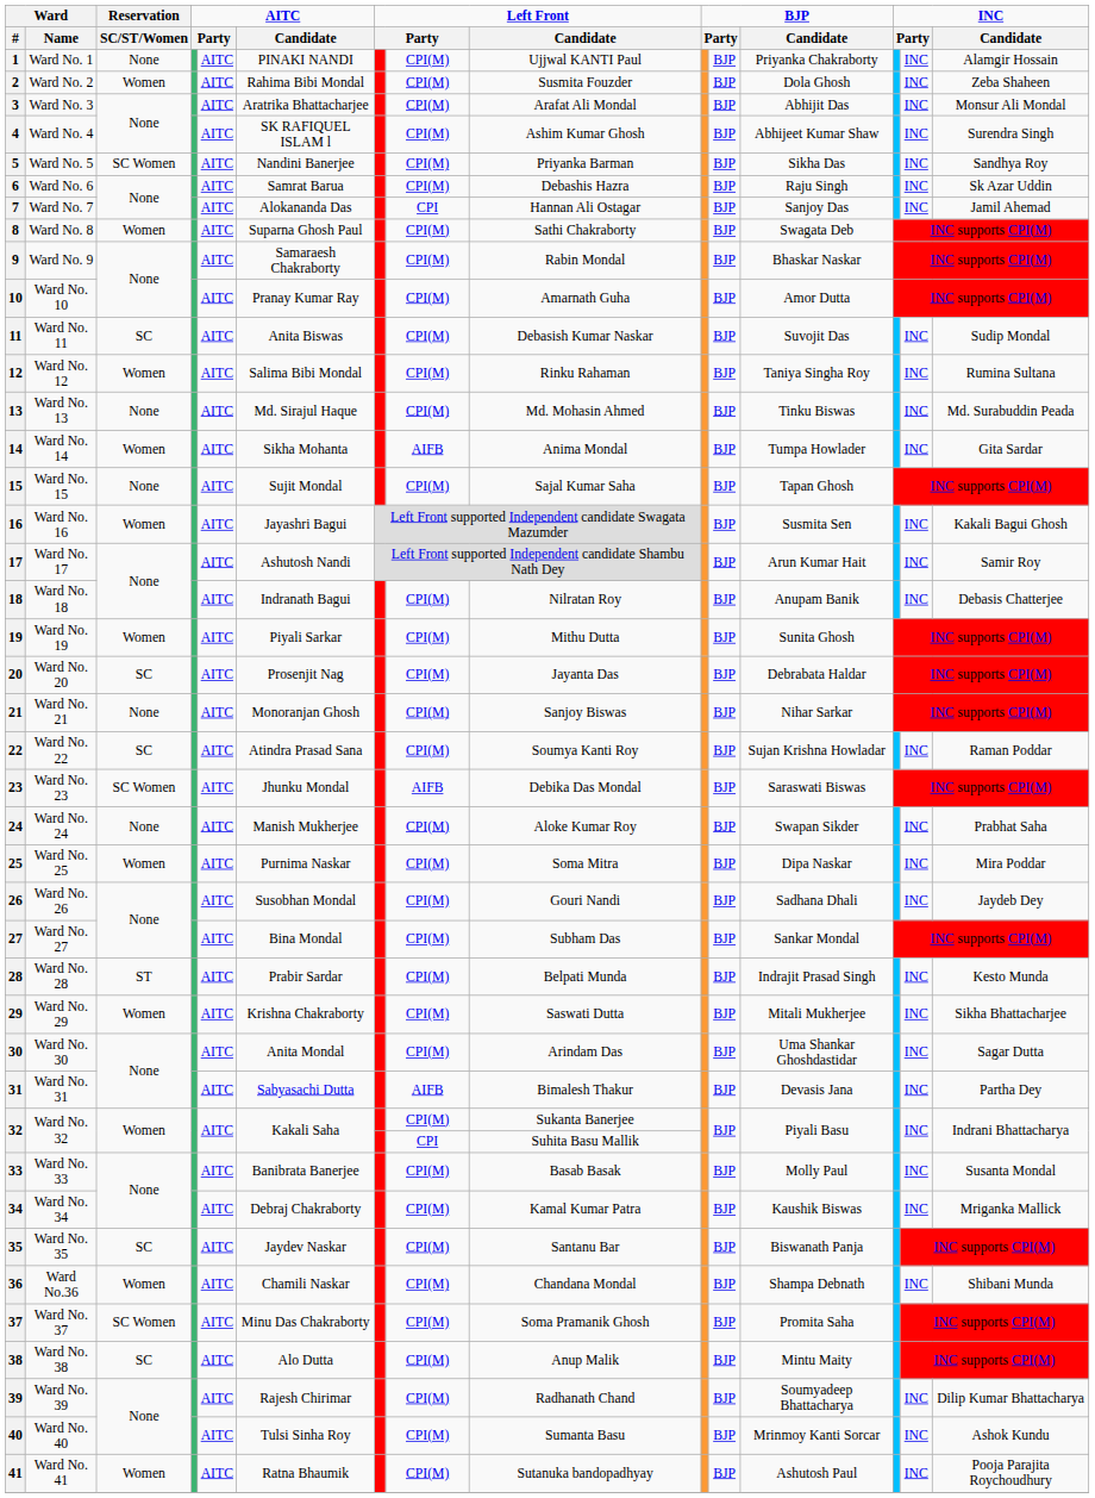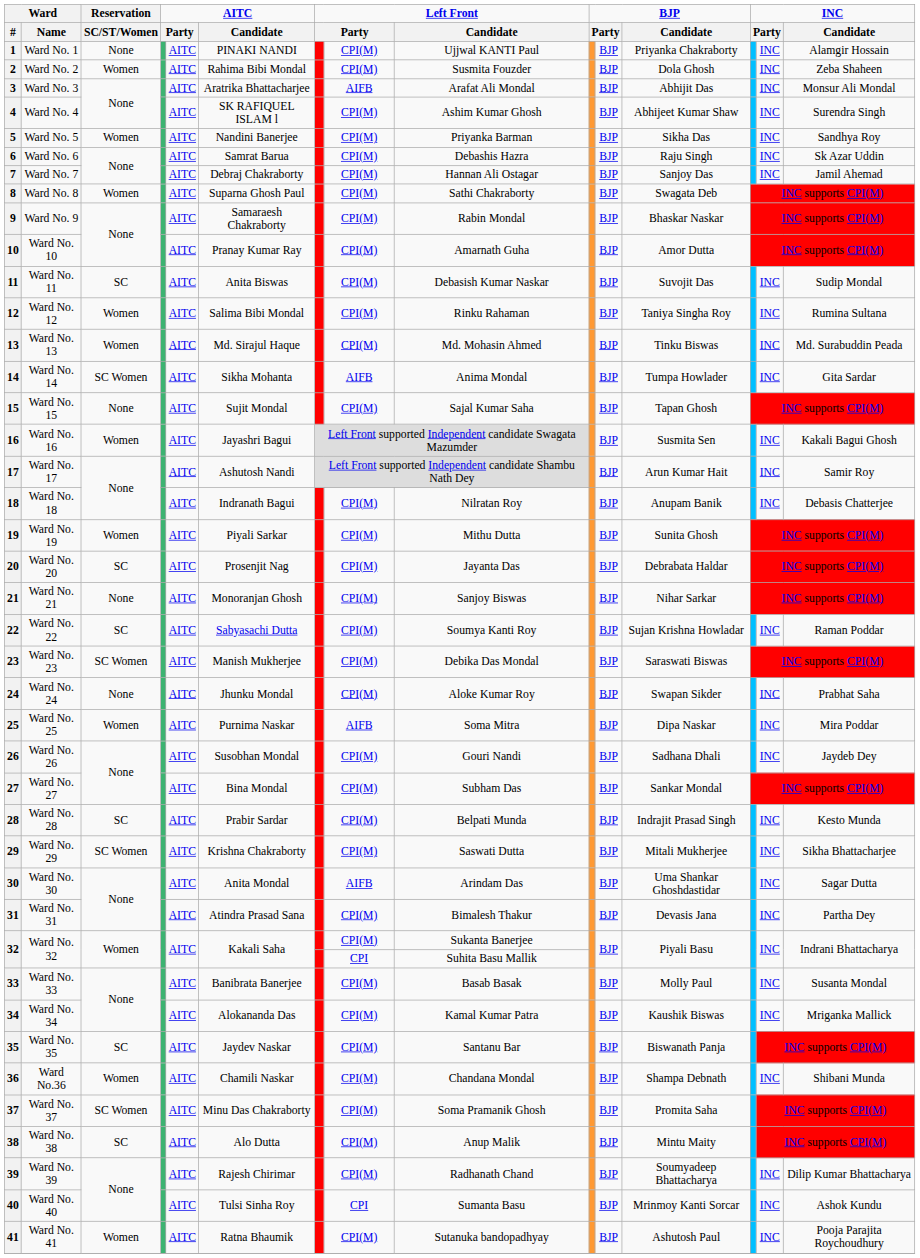 <table class="wikitable sortable" style="text-align:center;">
 <tr>
 <th colspan="2">Ward</th>
 <th colspan="1">Reservation</th>
 <td colspan="3"><a href='#'><span><strong>AITC</strong></span></a></td>
 <td colspan="3" bgcolor=><a href='#'><span><strong>Left Front</strong></span></a></td>
 <td colspan="3"><a href='#'><span><strong>BJP</strong></span></a></td>
 <td colspan="3" bgcolor=><a href='#'><span><strong>INC</strong></span></a></td>
 </tr>
 <tr>
 <th>#</th>
 <th>Name</th>
 <th>SC/ST/Women</th>
 <th colspan="2">Party</th>
 <th>Candidate</th>
 <th colspan="2">Party</th>
 <th>Candidate</th>
 <th colspan="2">Party</th>
 <th>Candidate</th>
 <th colspan="2">Party</th>
 <th>Candidate</th>
 </tr>
 <tr>
 <th>1</th>
 <td>Ward No. 1</td>
 <td>None</td>
 <td bgcolor=#3CB371></td>
 <td><a href='#'>AITC</a></td>
 <td>PINAKI NANDI</td>
 <td bgcolor=#FF0000></td>
 <td><a href='#'>CPI(M)</a></td>
 <td>Ujjwal KANTI Paul</td>
 <td bgcolor=#FF9933></td>
 <td><a href='#'>BJP</a></td>
 <td>Priyanka Chakraborty</td>
 <td bgcolor=#00BFFF></td>
 <td><a href='#'>INC</a></td>
 <td>Alamgir Hossain</td>
 </tr>
 <tr>
 <th>2</th>
 <td>Ward No. 2</td>
 <td>Women</td>
 <td bgcolor=#3CB371></td>
 <td><a href='#'>AITC</a></td>
 <td>Rahima Bibi Mondal</td>
 <td bgcolor=#FF0000></td>
 <td><a href='#'>CPI(M)</a></td>
 <td>Susmita Fouzder</td>
 <td bgcolor=#FF9933></td>
 <td><a href='#'>BJP</a></td>
 <td>Dola Ghosh</td>
 <td bgcolor=#00BFFF></td>
 <td><a href='#'>INC</a></td>
 <td>Zeba Shaheen</td>
 </tr>
 <tr>
 <th>3</th>
 <td>Ward No. 3</td>
 <td rowspan="2">None</td>
 <td bgcolor=#3CB371></td>
 <td><a href='#'>AITC</a></td>
 <td>Aratrika Bhattacharjee</td>
 <td bgcolor=#FF0000></td>
-<td><a href='#'>CPI(M)</a></td>
+<td><a href='#'>AIFB</a></td>
 <td>Arafat Ali Mondal</td>
 <td bgcolor=#FF9933></td>
 <td><a href='#'>BJP</a></td>
 <td>Abhijit Das</td>
 <td bgcolor=#00BFFF></td>
 <td><a href='#'>INC</a></td>
 <td>Monsur Ali Mondal</td>
 </tr>
 <tr>
 <th>4</th>
 <td>Ward No. 4</td>
 <td bgcolor=#3CB371></td>
 <td><a href='#'>AITC</a></td>
 <td>SK RAFIQUEL ISLAM    l</td>
 <td bgcolor=#FF0000></td>
 <td><a href='#'>CPI(M)</a></td>
 <td>Ashim Kumar Ghosh</td>
 <td bgcolor=#FF9933></td>
 <td><a href='#'>BJP</a></td>
 <td>Abhijeet Kumar Shaw</td>
 <td bgcolor=#00BFFF></td>
 <td><a href='#'>INC</a></td>
 <td>Surendra Singh</td>
 </tr>
 <tr>
 <th>5</th>
 <td>Ward No. 5</td>
-<td>SC Women</td>
+<td>Women</td>
 <td bgcolor=#3CB371></td>
 <td><a href='#'>AITC</a></td>
 <td>Nandini Banerjee</td>
 <td bgcolor=#FF0000></td>
 <td><a href='#'>CPI(M)</a></td>
 <td>Priyanka Barman</td>
 <td bgcolor=#FF9933></td>
 <td><a href='#'>BJP</a></td>
 <td>Sikha Das</td>
 <td bgcolor=#00BFFF></td>
 <td><a href='#'>INC</a></td>
 <td>Sandhya Roy</td>
 </tr>
 <tr>
 <th>6</th>
 <td>Ward No. 6</td>
 <td rowspan="2">None</td>
 <td bgcolor=#3CB371></td>
 <td><a href='#'>AITC</a></td>
 <td>Samrat Barua</td>
 <td bgcolor=#FF0000></td>
 <td><a href='#'>CPI(M)</a></td>
 <td>Debashis Hazra</td>
 <td bgcolor=#FF9933></td>
 <td><a href='#'>BJP</a></td>
 <td>Raju Singh</td>
 <td bgcolor=#00BFFF></td>
 <td><a href='#'>INC</a></td>
 <td>Sk Azar Uddin</td>
 </tr>
 <tr>
 <th>7</th>
 <td>Ward No. 7</td>
 <td bgcolor=#3CB371></td>
 <td><a href='#'>AITC</a></td>
-<td>Alokananda Das</td>
+<td>Debraj Chakraborty</td>
 <td bgcolor=#FF0000></td>
-<td><a href='#'>CPI</a></td>
+<td><a href='#'>CPI(M)</a></td>
 <td>Hannan Ali Ostagar</td>
 <td bgcolor=#FF9933></td>
 <td><a href='#'>BJP</a></td>
 <td>Sanjoy Das</td>
 <td bgcolor=#00BFFF></td>
 <td><a href='#'>INC</a></td>
 <td>Jamil Ahemad</td>
 </tr>
 <tr>
 <th>8</th>
 <td>Ward No. 8</td>
 <td>Women</td>
 <td bgcolor=#3CB371></td>
 <td><a href='#'>AITC</a></td>
 <td>Suparna Ghosh Paul</td>
 <td bgcolor=#FF0000></td>
 <td><a href='#'>CPI(M)</a></td>
 <td>Sathi Chakraborty</td>
 <td bgcolor=#FF9933></td>
 <td><a href='#'>BJP</a></td>
 <td>Swagata Deb</td>
 <td colspan="3" style="background:#f00;"><a href='#'>INC</a> supports <a href='#'>CPI(M)</a></td>
 </tr>
 <tr>
 <th>9</th>
 <td>Ward No. 9</td>
 <td rowspan="2">None</td>
 <td bgcolor=#3CB371></td>
 <td><a href='#'>AITC</a></td>
 <td>Samaraesh Chakraborty</td>
 <td bgcolor=#FF0000></td>
 <td><a href='#'>CPI(M)</a></td>
 <td>Rabin Mondal</td>
 <td bgcolor=#FF9933></td>
 <td><a href='#'>BJP</a></td>
 <td>Bhaskar Naskar</td>
 <td colspan="3" style="background:#f00;"><a href='#'>INC</a> supports <a href='#'>CPI(M)</a></td>
 </tr>
 <tr>
 <th>10</th>
 <td>Ward No. 10</td>
 <td bgcolor=#3CB371></td>
 <td><a href='#'>AITC</a></td>
 <td>Pranay Kumar Ray</td>
 <td bgcolor=#FF0000></td>
 <td><a href='#'>CPI(M)</a></td>
 <td>Amarnath Guha</td>
 <td bgcolor=#FF9933></td>
 <td><a href='#'>BJP</a></td>
 <td>Amor Dutta</td>
 <td colspan="3" style="background:#f00;"><a href='#'>INC</a> supports <a href='#'>CPI(M)</a></td>
 </tr>
 <tr>
 <th>11</th>
 <td>Ward No. 11</td>
 <td>SC</td>
 <td bgcolor=#3CB371></td>
 <td><a href='#'>AITC</a></td>
 <td>Anita Biswas</td>
 <td bgcolor=#FF0000></td>
 <td><a href='#'>CPI(M)</a></td>
 <td>Debasish Kumar Naskar</td>
 <td bgcolor=#FF9933></td>
 <td><a href='#'>BJP</a></td>
 <td>Suvojit Das</td>
 <td bgcolor=#00BFFF></td>
 <td><a href='#'>INC</a></td>
 <td>Sudip Mondal</td>
 </tr>
 <tr>
 <th>12</th>
 <td>Ward No. 12</td>
 <td>Women</td>
 <td bgcolor=#3CB371></td>
 <td><a href='#'>AITC</a></td>
 <td>Salima Bibi Mondal</td>
 <td bgcolor=#FF0000></td>
 <td><a href='#'>CPI(M)</a></td>
 <td>Rinku Rahaman</td>
 <td bgcolor=#FF9933></td>
 <td><a href='#'>BJP</a></td>
 <td>Taniya Singha Roy</td>
 <td bgcolor=#00BFFF></td>
 <td><a href='#'>INC</a></td>
 <td>Rumina Sultana</td>
 </tr>
 <tr>
 <th>13</th>
 <td>Ward No. 13</td>
-<td>None</td>
+<td>Women</td>
 <td bgcolor=#3CB371></td>
 <td><a href='#'>AITC</a></td>
 <td>Md. Sirajul Haque</td>
 <td bgcolor=#FF0000></td>
 <td><a href='#'>CPI(M)</a></td>
 <td>Md. Mohasin Ahmed</td>
 <td bgcolor=#FF9933></td>
 <td><a href='#'>BJP</a></td>
 <td>Tinku Biswas</td>
 <td bgcolor=#00BFFF></td>
 <td><a href='#'>INC</a></td>
 <td>Md. Surabuddin Peada</td>
 </tr>
 <tr>
 <th>14</th>
 <td>Ward No. 14</td>
-<td>Women</td>
+<td>SC Women</td>
 <td bgcolor=#3CB371></td>
 <td><a href='#'>AITC</a></td>
 <td>Sikha Mohanta</td>
 <td bgcolor=#FF0000></td>
 <td><a href='#'>AIFB</a></td>
 <td>Anima Mondal</td>
 <td bgcolor=#FF9933></td>
 <td><a href='#'>BJP</a></td>
 <td>Tumpa Howlader</td>
 <td bgcolor=#00BFFF></td>
 <td><a href='#'>INC</a></td>
 <td>Gita Sardar</td>
 </tr>
 <tr>
 <th>15</th>
 <td>Ward No. 15</td>
 <td>None</td>
 <td bgcolor=#3CB371></td>
 <td><a href='#'>AITC</a></td>
 <td>Sujit Mondal</td>
 <td bgcolor=#FF0000></td>
 <td><a href='#'>CPI(M)</a></td>
 <td>Sajal Kumar Saha</td>
 <td bgcolor=#FF9933></td>
 <td><a href='#'>BJP</a></td>
 <td>Tapan Ghosh</td>
 <td colspan="3" style="background:#f00;"><a href='#'>INC</a> supports <a href='#'>CPI(M)</a></td>
 </tr>
 <tr>
 <th>16</th>
 <td>Ward No. 16</td>
 <td>Women</td>
 <td bgcolor=#3CB371></td>
 <td><a href='#'>AITC</a></td>
 <td>Jayashri Bagui</td>
 <td colspan="3" style="background:#DDDDDD"><a href='#'>Left Front</a> supported <a href='#'>Independent</a> candidate Swagata Mazumder</td>
 <td bgcolor=#FF9933></td>
 <td><a href='#'>BJP</a></td>
 <td>Susmita Sen</td>
 <td bgcolor=#00BFFF></td>
 <td><a href='#'>INC</a></td>
 <td>Kakali Bagui Ghosh</td>
 </tr>
 <tr>
 <th>17</th>
 <td>Ward No. 17</td>
 <td rowspan="2">None</td>
 <td bgcolor=#3CB371></td>
 <td><a href='#'>AITC</a></td>
 <td>Ashutosh Nandi</td>
 <td colspan="3" style="background:#DDDDDD"><a href='#'>Left Front</a> supported <a href='#'>Independent</a> candidate Shambu Nath Dey</td>
 <td bgcolor=#FF9933></td>
 <td><a href='#'>BJP</a></td>
 <td>Arun Kumar Hait</td>
 <td bgcolor=#00BFFF></td>
 <td><a href='#'>INC</a></td>
 <td>Samir Roy</td>
 </tr>
 <tr>
 <th>18</th>
 <td>Ward No. 18</td>
 <td bgcolor=#3CB371></td>
 <td><a href='#'>AITC</a></td>
 <td>Indranath Bagui</td>
 <td bgcolor=#FF0000></td>
 <td><a href='#'>CPI(M)</a></td>
 <td>Nilratan Roy</td>
 <td bgcolor=#FF9933></td>
 <td><a href='#'>BJP</a></td>
 <td>Anupam Banik</td>
 <td bgcolor=#00BFFF></td>
 <td><a href='#'>INC</a></td>
 <td>Debasis Chatterjee</td>
 </tr>
 <tr>
 <th>19</th>
 <td>Ward No. 19</td>
 <td>Women</td>
 <td bgcolor=#3CB371></td>
 <td><a href='#'>AITC</a></td>
 <td>Piyali Sarkar</td>
 <td bgcolor=#FF0000></td>
 <td><a href='#'>CPI(M)</a></td>
 <td>Mithu Dutta</td>
 <td bgcolor=#FF9933></td>
 <td><a href='#'>BJP</a></td>
 <td>Sunita Ghosh</td>
 <td colspan="3" style="background:#f00;"><a href='#'>INC</a> supports <a href='#'>CPI(M)</a></td>
 </tr>
 <tr>
 <th>20</th>
 <td>Ward No. 20</td>
 <td>SC</td>
 <td bgcolor=#3CB371></td>
 <td><a href='#'>AITC</a></td>
 <td>Prosenjit Nag</td>
 <td bgcolor=#FF0000></td>
 <td><a href='#'>CPI(M)</a></td>
 <td>Jayanta Das</td>
 <td bgcolor=#FF9933></td>
 <td><a href='#'>BJP</a></td>
 <td>Debrabata Haldar</td>
 <td colspan="3" style="background:#f00;"><a href='#'>INC</a> supports <a href='#'>CPI(M)</a></td>
 </tr>
 <tr>
 <th>21</th>
 <td>Ward No. 21</td>
 <td>None</td>
 <td bgcolor=#3CB371></td>
 <td><a href='#'>AITC</a></td>
 <td>Monoranjan Ghosh</td>
 <td bgcolor=#FF0000></td>
 <td><a href='#'>CPI(M)</a></td>
 <td>Sanjoy Biswas</td>
 <td bgcolor=#FF9933></td>
 <td><a href='#'>BJP</a></td>
 <td>Nihar Sarkar</td>
 <td colspan="3" style="background:#f00;"><a href='#'>INC</a> supports <a href='#'>CPI(M)</a></td>
 </tr>
 <tr>
 <th>22</th>
 <td>Ward No. 22</td>
 <td>SC</td>
 <td bgcolor=#3CB371></td>
 <td><a href='#'>AITC</a></td>
-<td>Atindra Prasad Sana</td>
+<td><a href='#'>Sabyasachi Dutta</a></td>
 <td bgcolor=#FF0000></td>
 <td><a href='#'>CPI(M)</a></td>
 <td>Soumya Kanti Roy</td>
 <td bgcolor=#FF9933></td>
 <td><a href='#'>BJP</a></td>
 <td>Sujan Krishna Howladar</td>
 <td bgcolor=#00BFFF></td>
 <td><a href='#'>INC</a></td>
 <td>Raman Poddar</td>
 </tr>
 <tr>
 <th>23</th>
 <td>Ward No. 23</td>
 <td>SC Women</td>
 <td bgcolor=#3CB371></td>
 <td><a href='#'>AITC</a></td>
-<td>Jhunku Mondal</td>
+<td>Manish Mukherjee</td>
 <td bgcolor=#FF0000></td>
-<td><a href='#'>AIFB</a></td>
+<td><a href='#'>CPI(M)</a></td>
 <td>Debika Das Mondal</td>
 <td bgcolor=#FF9933></td>
 <td><a href='#'>BJP</a></td>
 <td>Saraswati Biswas</td>
 <td colspan="3" style="background:#f00;"><a href='#'>INC</a> supports <a href='#'>CPI(M)</a></td>
 </tr>
 <tr>
 <th>24</th>
 <td>Ward No. 24</td>
 <td>None</td>
 <td bgcolor=#3CB371></td>
 <td><a href='#'>AITC</a></td>
-<td>Manish Mukherjee</td>
+<td>Jhunku Mondal</td>
 <td bgcolor=#FF0000></td>
 <td><a href='#'>CPI(M)</a></td>
 <td>Aloke Kumar Roy</td>
 <td bgcolor=#FF9933></td>
 <td><a href='#'>BJP</a></td>
 <td>Swapan Sikder</td>
 <td bgcolor=#00BFFF></td>
 <td><a href='#'>INC</a></td>
 <td>Prabhat Saha</td>
 </tr>
 <tr>
 <th>25</th>
 <td>Ward No. 25</td>
 <td>Women</td>
 <td bgcolor=#3CB371></td>
 <td><a href='#'>AITC</a></td>
 <td>Purnima Naskar</td>
 <td bgcolor=#FF0000></td>
-<td><a href='#'>CPI(M)</a></td>
+<td><a href='#'>AIFB</a></td>
 <td>Soma Mitra</td>
 <td bgcolor=#FF9933></td>
 <td><a href='#'>BJP</a></td>
 <td>Dipa Naskar</td>
 <td bgcolor=#00BFFF></td>
 <td><a href='#'>INC</a></td>
 <td>Mira Poddar</td>
 </tr>
 <tr>
 <th>26</th>
 <td>Ward No. 26</td>
 <td rowspan="2">None</td>
 <td bgcolor=#3CB371></td>
 <td><a href='#'>AITC</a></td>
 <td>Susobhan Mondal</td>
 <td bgcolor=#FF0000></td>
 <td><a href='#'>CPI(M)</a></td>
 <td>Gouri Nandi</td>
 <td bgcolor=#FF9933></td>
 <td><a href='#'>BJP</a></td>
 <td>Sadhana Dhali</td>
 <td bgcolor=#00BFFF></td>
 <td><a href='#'>INC</a></td>
 <td>Jaydeb Dey</td>
 </tr>
 <tr>
 <th>27</th>
 <td>Ward No. 27</td>
 <td bgcolor=#3CB371></td>
 <td><a href='#'>AITC</a></td>
 <td>Bina Mondal</td>
 <td bgcolor=#FF0000></td>
 <td><a href='#'>CPI(M)</a></td>
 <td>Subham Das</td>
 <td bgcolor=#FF9933></td>
 <td><a href='#'>BJP</a></td>
 <td>Sankar Mondal</td>
 <td colspan="3" style="background:#f00;"><a href='#'>INC</a> supports <a href='#'>CPI(M)</a></td>
 </tr>
 <tr>
 <th>28</th>
 <td>Ward No. 28</td>
-<td>ST</td>
+<td>SC</td>
 <td bgcolor=#3CB371></td>
 <td><a href='#'>AITC</a></td>
 <td>Prabir Sardar</td>
 <td bgcolor=#FF0000></td>
 <td><a href='#'>CPI(M)</a></td>
 <td>Belpati Munda</td>
 <td bgcolor=#FF9933></td>
 <td><a href='#'>BJP</a></td>
 <td>Indrajit Prasad Singh</td>
 <td bgcolor=#00BFFF></td>
 <td><a href='#'>INC</a></td>
 <td>Kesto Munda</td>
 </tr>
 <tr>
 <th>29</th>
 <td>Ward No. 29</td>
-<td>Women</td>
+<td>SC Women</td>
 <td bgcolor=#3CB371></td>
 <td><a href='#'>AITC</a></td>
 <td>Krishna Chakraborty</td>
 <td bgcolor=#FF0000></td>
 <td><a href='#'>CPI(M)</a></td>
 <td>Saswati Dutta</td>
 <td bgcolor=#FF9933></td>
 <td><a href='#'>BJP</a></td>
 <td>Mitali Mukherjee</td>
 <td bgcolor=#00BFFF></td>
 <td><a href='#'>INC</a></td>
 <td>Sikha Bhattacharjee</td>
 </tr>
 <tr>
 <th>30</th>
 <td>Ward No. 30</td>
 <td rowspan="2">None</td>
 <td bgcolor=#3CB371></td>
 <td><a href='#'>AITC</a></td>
 <td>Anita Mondal</td>
 <td bgcolor=#FF0000></td>
-<td><a href='#'>CPI(M)</a></td>
+<td><a href='#'>AIFB</a></td>
 <td>Arindam Das</td>
 <td bgcolor=#FF9933></td>
 <td><a href='#'>BJP</a></td>
 <td>Uma Shankar Ghoshdastidar</td>
 <td bgcolor=#00BFFF></td>
 <td><a href='#'>INC</a></td>
 <td>Sagar Dutta</td>
 </tr>
 <tr>
 <th>31</th>
 <td>Ward No. 31</td>
 <td bgcolor=#3CB371></td>
 <td><a href='#'>AITC</a></td>
-<td><a href='#'>Sabyasachi Dutta</a></td>
+<td>Atindra Prasad Sana</td>
 <td bgcolor=#FF0000></td>
-<td><a href='#'>AIFB</a></td>
+<td><a href='#'>CPI(M)</a></td>
 <td>Bimalesh Thakur</td>
 <td bgcolor=#FF9933></td>
 <td><a href='#'>BJP</a></td>
 <td>Devasis Jana</td>
 <td bgcolor=#00BFFF></td>
 <td><a href='#'>INC</a></td>
 <td>Partha Dey</td>
 </tr>
 <tr>
 <th rowspan="2">32</th>
 <td rowspan="2">Ward No. 32</td>
 <td rowspan="2">Women</td>
 <td rowspan="2"bgcolor=#3CB371></td>
 <td rowspan="2"><a href='#'>AITC</a></td>
 <td rowspan="2">Kakali Saha</td>
 <td rowspan="1"bgcolor=#FF0000></td>
 <td><a href='#'>CPI(M)</a></td>
 <td>Sukanta Banerjee</td>
 <td rowspan="2"bgcolor=#FF9933></td>
 <td rowspan="2"><a href='#'>BJP</a></td>
 <td rowspan="2">Piyali Basu</td>
 <td rowspan="2"bgcolor=#00BFFF></td>
 <td rowspan="2"><a href='#'>INC</a></td>
 <td rowspan="2">Indrani Bhattacharya</td>
 </tr>
 <tr>
 <td bgcolor=#FF0000></td>
 <td><a href='#'>CPI</a></td>
 <td>Suhita Basu Mallik</td>
 </tr>
 <tr>
 <th>33</th>
 <td>Ward No. 33</td>
 <td rowspan="2">None</td>
 <td bgcolor=#3CB371></td>
 <td><a href='#'>AITC</a></td>
 <td>Banibrata Banerjee</td>
 <td bgcolor=#FF0000></td>
 <td><a href='#'>CPI(M)</a></td>
 <td>Basab Basak</td>
 <td bgcolor=#FF9933></td>
 <td><a href='#'>BJP</a></td>
 <td>Molly Paul</td>
 <td bgcolor=#00BFFF></td>
 <td><a href='#'>INC</a></td>
 <td>Susanta Mondal</td>
 </tr>
 <tr>
 <th>34</th>
 <td>Ward No. 34</td>
 <td bgcolor=#3CB371></td>
 <td><a href='#'>AITC</a></td>
-<td>Debraj Chakraborty</td>
+<td>Alokananda Das</td>
 <td bgcolor=#FF0000></td>
 <td><a href='#'>CPI(M)</a></td>
 <td>Kamal Kumar Patra</td>
 <td bgcolor=#FF9933></td>
 <td><a href='#'>BJP</a></td>
 <td>Kaushik Biswas</td>
 <td bgcolor=#00BFFF></td>
 <td><a href='#'>INC</a></td>
 <td>Mriganka Mallick</td>
 </tr>
 <tr>
 <th>35</th>
 <td>Ward No. 35</td>
 <td>SC</td>
 <td bgcolor=#3CB371></td>
 <td><a href='#'>AITC</a></td>
 <td>Jaydev Naskar</td>
 <td bgcolor=#FF0000></td>
 <td><a href='#'>CPI(M)</a></td>
 <td>Santanu Bar</td>
 <td bgcolor=#FF9933></td>
 <td><a href='#'>BJP</a></td>
 <td>Biswanath Panja</td>
 <td bgcolor=#00BFFF></td>
 <td colspan="3" style="background:#f00;"><a href='#'>INC</a> supports <a href='#'>CPI(M)</a></td>
 </tr>
 <tr>
 <th>36</th>
 <td>Ward No.36</td>
 <td>Women</td>
 <td bgcolor=#3CB371></td>
 <td><a href='#'>AITC</a></td>
 <td>Chamili Naskar</td>
 <td bgcolor=#FF0000></td>
 <td><a href='#'>CPI(M)</a></td>
 <td>Chandana Mondal</td>
 <td bgcolor=#FF9933></td>
 <td><a href='#'>BJP</a></td>
 <td>Shampa Debnath</td>
 <td bgcolor=#00BFFF></td>
 <td><a href='#'>INC</a></td>
 <td>Shibani Munda</td>
 </tr>
 <tr>
 <th>37</th>
 <td>Ward No. 37</td>
 <td>SC Women</td>
 <td bgcolor=#3CB371></td>
 <td><a href='#'>AITC</a></td>
 <td>Minu Das Chakraborty</td>
 <td bgcolor=#FF0000></td>
 <td><a href='#'>CPI(M)</a></td>
 <td>Soma Pramanik Ghosh</td>
 <td bgcolor=#FF9933></td>
 <td><a href='#'>BJP</a></td>
 <td>Promita Saha</td>
 <td bgcolor=#00BFFF></td>
 <td colspan="3" style="background:#f00;"><a href='#'>INC</a> supports <a href='#'>CPI(M)</a></td>
 </tr>
 <tr>
 <th>38</th>
 <td>Ward No. 38</td>
 <td>SC</td>
 <td bgcolor=#3CB371></td>
 <td><a href='#'>AITC</a></td>
 <td>Alo Dutta</td>
 <td bgcolor=#FF0000></td>
 <td><a href='#'>CPI(M)</a></td>
 <td>Anup Malik</td>
 <td bgcolor=#FF9933></td>
 <td><a href='#'>BJP</a></td>
 <td>Mintu Maity</td>
 <td bgcolor=#00BFFF></td>
 <td colspan="3" style="background:#f00;"><a href='#'>INC</a> supports <a href='#'>CPI(M)</a></td>
 </tr>
 <tr>
 <th>39</th>
 <td>Ward No. 39</td>
 <td rowspan="2">None</td>
 <td bgcolor=#3CB371></td>
 <td><a href='#'>AITC</a></td>
 <td>Rajesh Chirimar</td>
 <td bgcolor=#FF0000></td>
 <td><a href='#'>CPI(M)</a></td>
 <td>Radhanath Chand</td>
 <td bgcolor=#FF9933></td>
 <td><a href='#'>BJP</a></td>
 <td>Soumyadeep Bhattacharya</td>
 <td bgcolor=#00BFFF></td>
 <td><a href='#'>INC</a></td>
 <td>Dilip Kumar Bhattacharya</td>
 </tr>
 <tr>
 <th>40</th>
 <td>Ward No. 40</td>
 <td bgcolor=#3CB371></td>
 <td><a href='#'>AITC</a></td>
 <td>Tulsi Sinha Roy</td>
 <td bgcolor=#FF0000></td>
-<td><a href='#'>CPI(M)</a></td>
+<td><a href='#'>CPI</a></td>
 <td>Sumanta Basu</td>
 <td bgcolor=#FF9933></td>
 <td><a href='#'>BJP</a></td>
 <td>Mrinmoy Kanti Sorcar</td>
 <td bgcolor=#00BFFF></td>
 <td><a href='#'>INC</a></td>
 <td>Ashok Kundu</td>
 </tr>
 <tr>
 <th>41</th>
 <td>Ward No. 41</td>
 <td>Women</td>
 <td bgcolor=#3CB371></td>
 <td><a href='#'>AITC</a></td>
 <td>Ratna Bhaumik</td>
 <td bgcolor=#FF0000></td>
 <td><a href='#'>CPI(M)</a></td>
 <td>Sutanuka bandopadhyay</td>
 <td bgcolor=#FF9933></td>
 <td><a href='#'>BJP</a></td>
 <td>Ashutosh Paul</td>
 <td bgcolor=#00BFFF></td>
 <td><a href='#'>INC</a></td>
 <td>Pooja Parajita Roychoudhury</td>
 </tr>
 <tr>
 </tr>
 </table>
